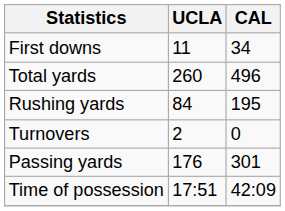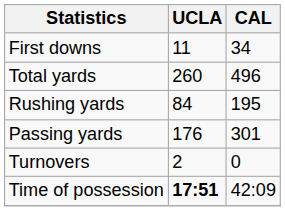 <table class="wikitable">
 <tr>
 <th>Statistics</th>
 <th>UCLA</th>
 <th>CAL</th>
 </tr>
 <tr>
 <td>First downs</td>
 <td>11</td>
 <td>34</td>
 </tr>
 <tr>
 <td>Total yards</td>
 <td>260</td>
 <td>496</td>
 </tr>
 <tr>
 <td>Rushing yards</td>
 <td>84</td>
 <td>195</td>
 </tr>
 <tr>
+<td>Passing yards</td>
+<td>176</td>
+<td>301</td>
+</tr>
+<tr>
 <td>Turnovers</td>
 <td>2</td>
 <td>0</td>
 </tr>
 <tr>
-<td>Passing yards</td>
-<td>176</td>
-<td>301</td>
-</tr>
-<tr>
 <td>Time of possession</td>
-<td>17:51</td>
+<td><strong>17:51</strong></td>
 <td>42:09</td>
 </tr>
 <tr>
 </tr>
 </table>
